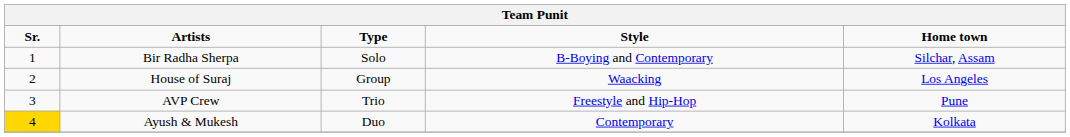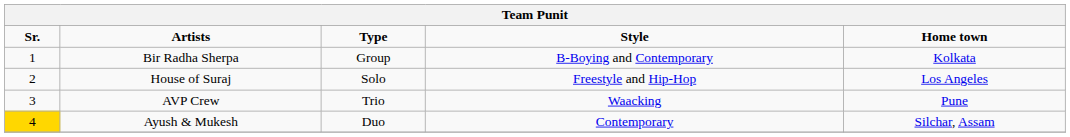 <table class=wikitable style="width: 100%; text-align: center">
 <tr>
 <th colspan=6>Team Punit</th>
 </tr>
 <tr>
 <td><strong>Sr.</strong></td>
 <td><strong>Artists</strong></td>
 <td><strong>Type</strong></td>
 <td><strong>Style</strong></td>
 <td><strong>Home town</strong></td>
 </tr>
 <tr>
 <td>1</td>
 <td>Bir Radha Sherpa</td>
-<td>Solo</td>
+<td>Group</td>
 <td><a href='#'>B-Boying</a> and <a href='#'>Contemporary</a></td>
-<td><a href='#'>Silchar</a>, <a href='#'>Assam</a></td>
+<td><a href='#'>Kolkata</a></td>
 </tr>
 <tr>
 <td>2</td>
 <td>House of Suraj</td>
-<td>Group</td>
-<td><a href='#'>Waacking</a></td>
+<td>Solo</td>
+<td><a href='#'>Freestyle</a> and <a href='#'>Hip-Hop</a></td>
 <td><a href='#'>Los Angeles</a></td>
 </tr>
 <tr>
 <td>3</td>
 <td>AVP Crew</td>
 <td>Trio</td>
-<td><a href='#'>Freestyle</a> and <a href='#'>Hip-Hop</a></td>
+<td><a href='#'>Waacking</a></td>
 <td><a href='#'>Pune</a></td>
 </tr>
 <tr>
 <td style="background: gold;">4</td>
 <td>Ayush & Mukesh</td>
 <td>Duo</td>
 <td><a href='#'>Contemporary</a></td>
-<td><a href='#'>Kolkata</a></td>
+<td><a href='#'>Silchar</a>, <a href='#'>Assam</a></td>
 </tr>
 <tr>
 </tr>
 </table>
